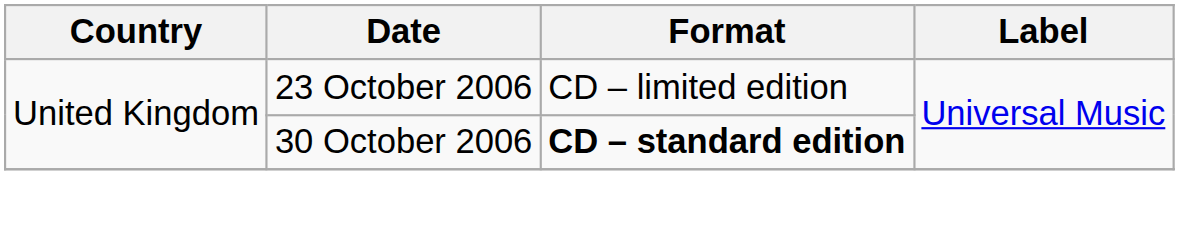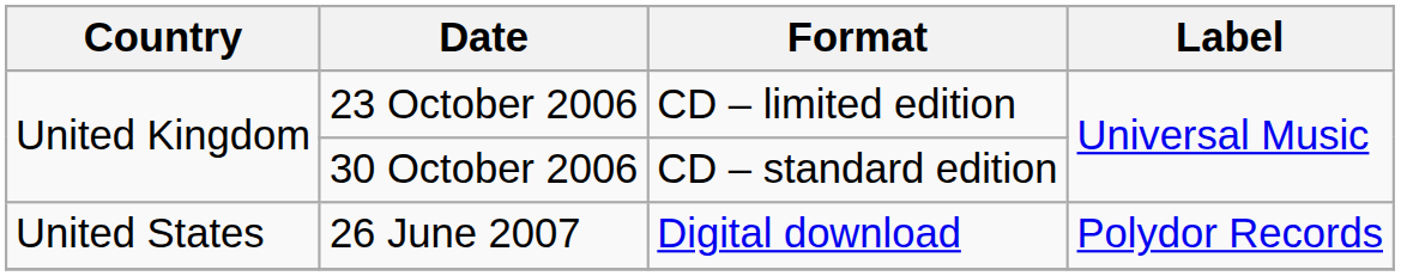 <table class="wikitable plainrowheaders">
 <tr>
 <th scope="col">Country</th>
 <th scope="col">Date</th>
 <th scope="col">Format</th>
 <th scope="col">Label</th>
 </tr>
 <tr>
 <td rowspan=2>United Kingdom</td>
 <td>23 October 2006</td>
 <td>CD – limited edition</td>
 <td rowspan=2><a href='#'>Universal Music</a></td>
 </tr>
 <tr>
 <td>30 October 2006</td>
-<td><strong>CD – standard edition</strong></td>
+<td>CD – standard edition</td>
+</tr>
+<tr>
+<td>United States</td>
+<td>26 June 2007</td>
+<td><a href='#'>Digital download</a></td>
+<td><a href='#'>Polydor Records</a></td>
 </tr>
 <tr>
 </tr>
 </table>
